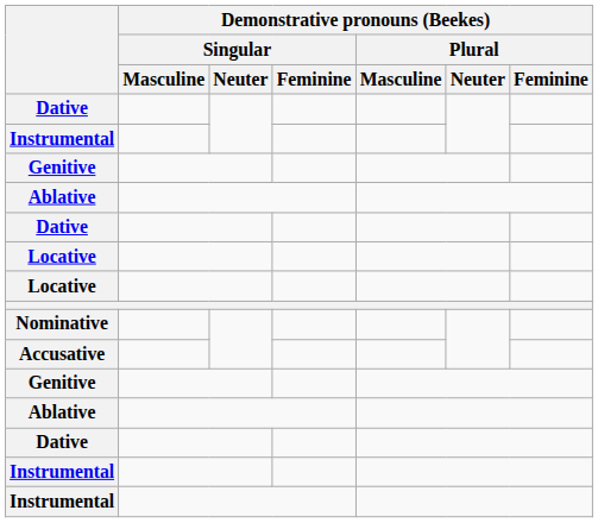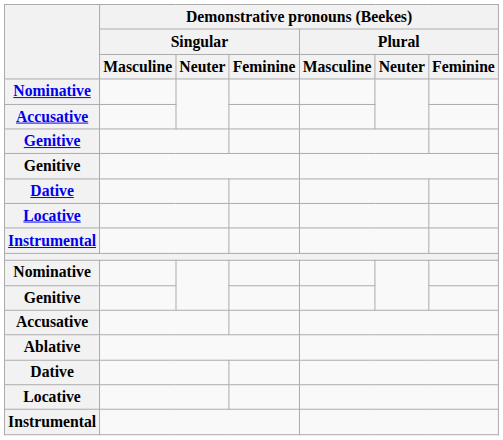 <table class="wikitable">
 <tr>
 <th rowspan="3"></th>
 <th colspan="6">Demonstrative pronouns (Beekes)</th>
 </tr>
 <tr>
 <th colspan="3">Singular</th>
 <th colspan="3">Plural</th>
 </tr>
 <tr>
 <th>Masculine</th>
 <th>Neuter</th>
 <th>Feminine</th>
 <th>Masculine</th>
 <th>Neuter</th>
 <th>Feminine</th>
 </tr>
 <tr>
-<th><a href='#'>Dative</a></th>
+<th><a href='#'>Nominative</a></th>
 <td></td>
 <td rowspan=2></td>
 <td></td>
 <td></td>
 <td rowspan=2></td>
 <td></td>
 </tr>
 <tr>
-<th><a href='#'>Instrumental</a></th>
+<th><a href='#'>Accusative</a></th>
 <td></td>
 <td></td>
 <td></td>
 <td></td>
 </tr>
 <tr>
 <th><a href='#'>Genitive</a></th>
 <td colspan=2></td>
 <td></td>
 <td colspan=2></td>
 <td></td>
 </tr>
 <tr>
-<th><a href='#'>Ablative</a></th>
+<th>Genitive</th>
 <td colspan=3></td>
 <td colspan=3></td>
 </tr>
 <tr>
 <th><a href='#'>Dative</a></th>
 <td colspan=2></td>
 <td></td>
 <td colspan=2></td>
 <td></td>
 </tr>
 <tr>
 <th><a href='#'>Locative</a></th>
 <td colspan=2></td>
 <td></td>
 <td colspan=2></td>
 <td></td>
 </tr>
 <tr>
-<th>Locative</th>
+<th><a href='#'>Instrumental</a></th>
 <td colspan=2></td>
 <td></td>
 <td colspan=2></td>
 <td></td>
 </tr>
 <tr>
 <th colspan=7></th>
 </tr>
 <tr>
 <th>Nominative</th>
 <td></td>
 <td rowspan=2></td>
 <td></td>
 <td></td>
 <td rowspan=2></td>
 <td></td>
 </tr>
 <tr>
-<th>Accusative</th>
+<th>Genitive</th>
 <td></td>
 <td></td>
 <td></td>
 <td></td>
 </tr>
 <tr>
-<th>Genitive</th>
+<th>Accusative</th>
 <td colspan=2></td>
 <td></td>
 <td colspan=3></td>
 </tr>
 <tr>
 <th>Ablative</th>
 <td colspan=3></td>
 <td colspan=3></td>
 </tr>
 <tr>
 <th>Dative</th>
 <td colspan=2></td>
 <td></td>
 <td colspan=3></td>
 </tr>
 <tr>
-<th><a href='#'>Instrumental</a></th>
+<th>Locative</th>
 <td colspan=2></td>
 <td></td>
 <td colspan=3></td>
 </tr>
 <tr>
 <th>Instrumental</th>
 <td colspan=3></td>
 <td colspan=3></td>
 </tr>
 </table>
